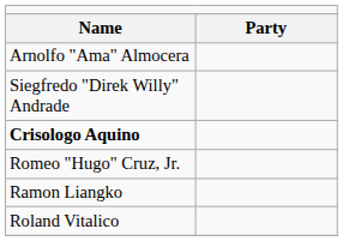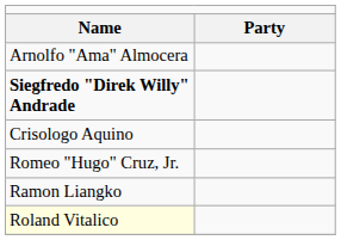 <table class=wikitable style="font-size:90%">
 <tr>
 <td colspan="4" bgcolor=></td>
 </tr>
 <tr>
 <th width=150px>Name</th>
 <th colspan="2" width=110px>Party</th>
 </tr>
 <tr>
 <td>Arnolfo "Ama" Almocera</td>
 <td></td>
 </tr>
 <tr>
-<td>Siegfredo "Direk Willy" Andrade</td>
+<td><strong>Siegfredo "Direk Willy" Andrade</strong></td>
 <td></td>
 </tr>
 <tr>
-<td><strong>Crisologo Aquino</strong></td>
+<td>Crisologo Aquino</td>
 <td></td>
 </tr>
 <tr>
 <td>Romeo "Hugo" Cruz, Jr.</td>
 <td></td>
 </tr>
 <tr>
 <td>Ramon Liangko</td>
 <td></td>
 </tr>
 <tr>
-<td>Roland Vitalico</td>
+<td style="background: lightyellow;">Roland Vitalico</td>
 <td></td>
 </tr>
 <tr>
 </tr>
 </table>
